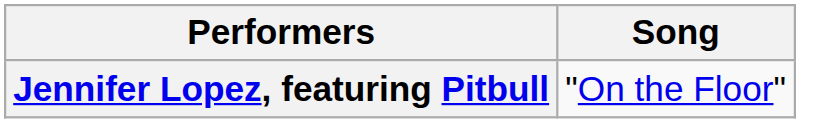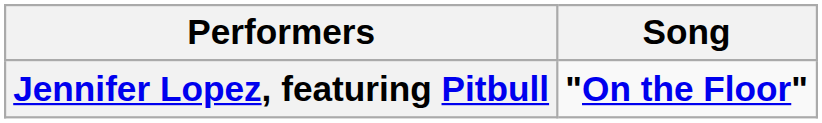 <table class="wikitable unsortable" style="text-align:center;">
 <tr>
 <th scope="col">Performers</th>
 <th scope="col">Song</th>
 </tr>
 <tr>
 <th scope="row"><a href='#'>Jennifer Lopez</a>, featuring <a href='#'>Pitbull</a></th>
-<td>"<a href='#'>On the Floor</a>"</td>
+<td><strong>"<a href='#'>On the Floor</a>"</strong></td>
 </tr>
 </table>
